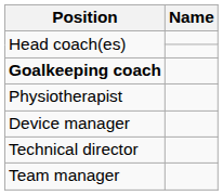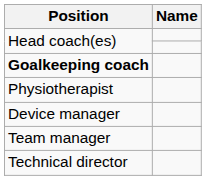 <table class="wikitable" style="text-align:left;font-size:100%;">
 <tr>
 <th>Position</th>
 <th>Name</th>
 </tr>
 <tr>
 <td rowspan="2">Head coach(es)</td>
 <td> </td>
 </tr>
 <tr>
 <td> </td>
 </tr>
 <tr>
 <td><strong>Goalkeeping coach</strong></td>
 <td> </td>
 </tr>
 <tr>
 <td>Physiotherapist</td>
 <td> </td>
 </tr>
 <tr>
 <td>Device manager</td>
 <td> </td>
 </tr>
 <tr>
+<td>Team manager</td>
+<td> </td>
+</tr>
+<tr>
 <td>Technical director</td>
 <td> </td>
 </tr>
-<tr>
-<td>Team manager</td>
-<td> </td>
-</tr>
 </table>
